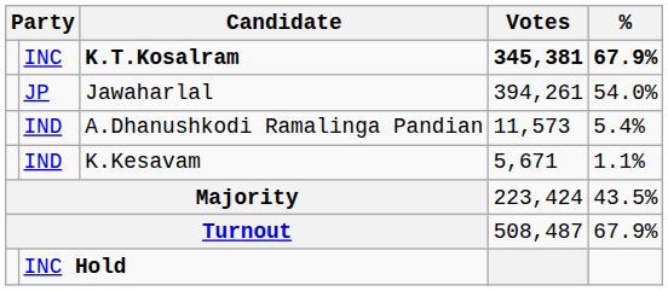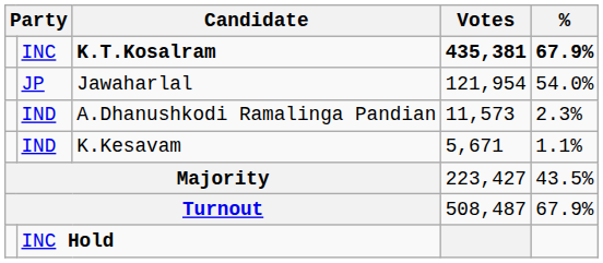 <table class="wikitable">
 <tr>
 <th colspan="2">Party</th>
 <th>Candidate</th>
 <th>Votes</th>
 <th>%</th>
 </tr>
 <tr>
 <td></td>
 <td><a href='#'>INC</a></td>
 <td><strong>K.T.Kosalram</strong></td>
-<td><strong>345,381</strong></td>
+<td><strong>435,381</strong></td>
 <td><strong>67.9%</strong></td>
 </tr>
 <tr>
 <td></td>
 <td><a href='#'>JP</a></td>
 <td>Jawaharlal</td>
-<td>394,261</td>
+<td>121,954</td>
 <td>54.0%</td>
 </tr>
 <tr>
 <td></td>
 <td><a href='#'>IND</a></td>
 <td>A.Dhanushkodi Ramalinga Pandian</td>
 <td>11,573</td>
-<td>5.4%</td>
+<td>2.3%</td>
 </tr>
 <tr>
 <td></td>
 <td><a href='#'>IND</a></td>
 <td>K.Kesavam</td>
 <td>5,671</td>
 <td>1.1%</td>
 </tr>
 <tr>
 <th colspan="3">Majority</th>
-<td>223,424</td>
+<td>223,427</td>
 <td>43.5%</td>
 </tr>
 <tr>
 <th colspan="3"><a href='#'>Turnout</a></th>
 <td>508,487</td>
 <td>67.9%</td>
 </tr>
 <tr>
 <td></td>
 <td colspan="2"><a href='#'>INC</a> <strong>Hold</strong></td>
 <th></th>
 <td></td>
 </tr>
 </table>
